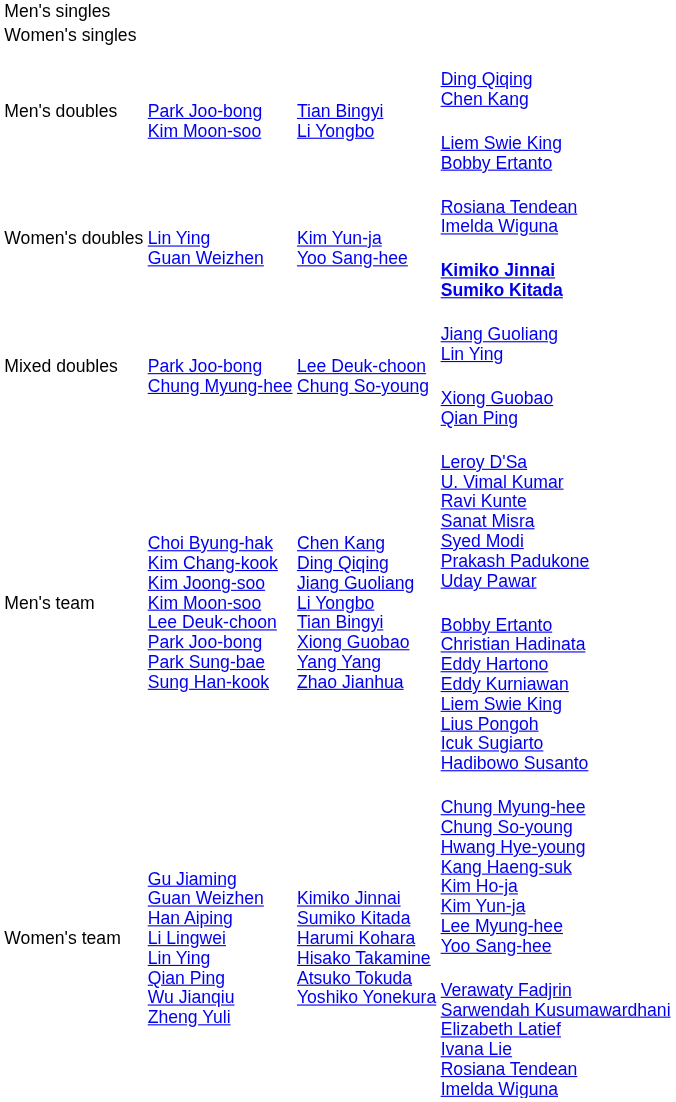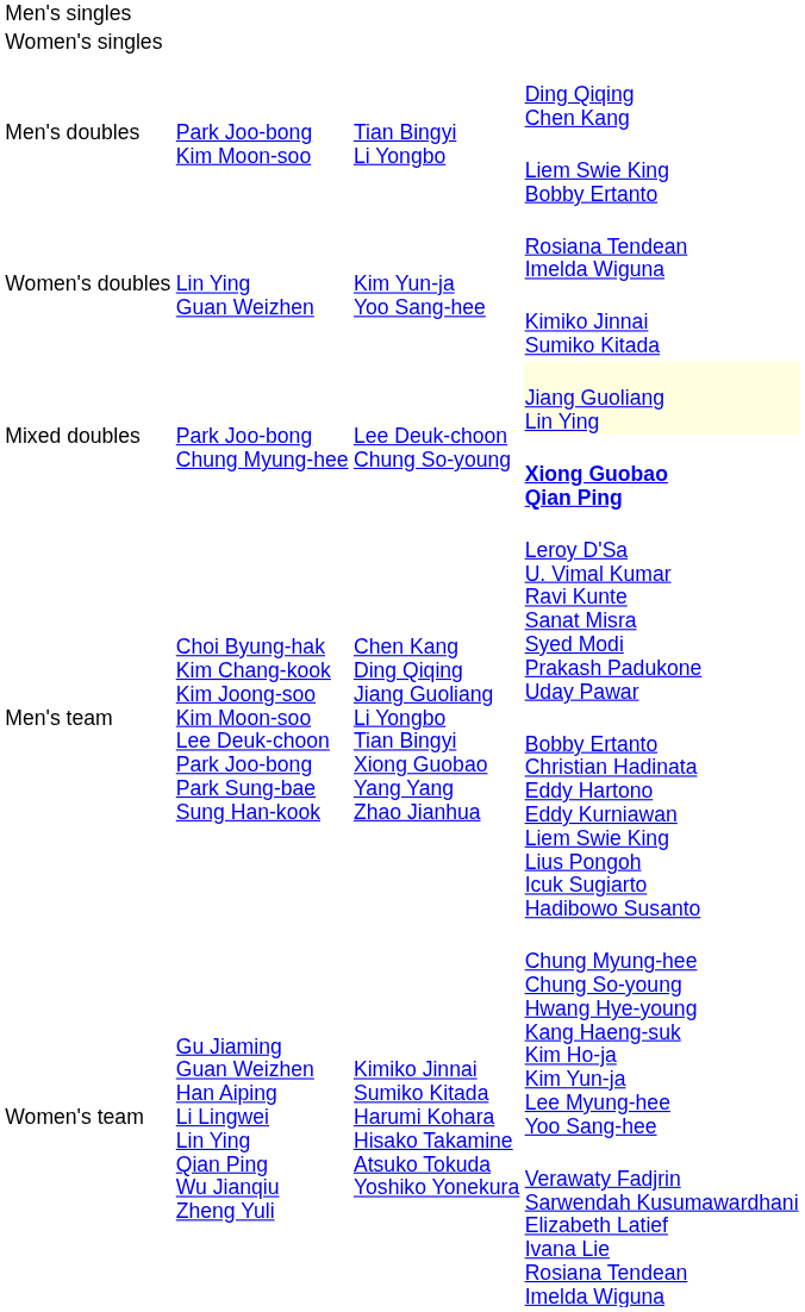 <table>
 <tr>
 <td rowspan="2">Men's singles<br></td>
 <td rowspan="2"></td>
 <td rowspan="2"></td>
 <td></td>
 </tr>
 <tr>
 <td></td>
 </tr>
 <tr>
 <td rowspan="2">Women's singles<br></td>
 <td rowspan="2"></td>
 <td rowspan="2"></td>
 <td></td>
 </tr>
 <tr>
 <td></td>
 </tr>
 <tr>
 <td rowspan="2">Men's doubles<br></td>
 <td rowspan="2"><br><a href='#'>Park Joo-bong</a><br><a href='#'>Kim Moon-soo</a></td>
 <td rowspan="2"><br><a href='#'>Tian Bingyi</a><br><a href='#'>Li Yongbo</a></td>
 <td><br><a href='#'>Ding Qiqing</a><br><a href='#'>Chen Kang</a></td>
 </tr>
 <tr>
 <td><br><a href='#'>Liem Swie King</a><br><a href='#'>Bobby Ertanto</a></td>
 </tr>
 <tr>
 <td rowspan="2">Women's doubles<br></td>
 <td rowspan="2"><br><a href='#'>Lin Ying</a><br><a href='#'>Guan Weizhen</a></td>
 <td rowspan="2"><br><a href='#'>Kim Yun-ja</a><br><a href='#'>Yoo Sang-hee</a></td>
 <td><br><a href='#'>Rosiana Tendean</a><br><a href='#'>Imelda Wiguna</a></td>
 </tr>
 <tr>
-<td><strong><br><a href='#'>Kimiko Jinnai</a><br><a href='#'>Sumiko Kitada</a></strong></td>
+<td><br><a href='#'>Kimiko Jinnai</a><br><a href='#'>Sumiko Kitada</a></td>
 </tr>
 <tr>
 <td rowspan="2">Mixed doubles<br></td>
 <td rowspan="2"><br><a href='#'>Park Joo-bong</a><br><a href='#'>Chung Myung-hee</a></td>
 <td rowspan="2"><br><a href='#'>Lee Deuk-choon</a><br><a href='#'>Chung So-young</a></td>
-<td><br><a href='#'>Jiang Guoliang</a><br><a href='#'>Lin Ying</a></td>
+<td style="background: lightyellow;"><br><a href='#'>Jiang Guoliang</a><br><a href='#'>Lin Ying</a></td>
 </tr>
 <tr>
-<td><br><a href='#'>Xiong Guobao</a><br><a href='#'>Qian Ping</a></td>
+<td><strong><br><a href='#'>Xiong Guobao</a><br><a href='#'>Qian Ping</a></strong></td>
 </tr>
 <tr>
 <td rowspan="2">Men's team<br></td>
 <td rowspan="2"><br><a href='#'>Choi Byung-hak</a><br><a href='#'>Kim Chang-kook</a><br><a href='#'>Kim Joong-soo</a><br><a href='#'>Kim Moon-soo</a><br><a href='#'>Lee Deuk-choon</a><br><a href='#'>Park Joo-bong</a><br><a href='#'>Park Sung-bae</a><br><a href='#'>Sung Han-kook</a></td>
 <td rowspan="2"><br><a href='#'>Chen Kang</a><br><a href='#'>Ding Qiqing</a><br><a href='#'>Jiang Guoliang</a><br><a href='#'>Li Yongbo</a><br><a href='#'>Tian Bingyi</a><br><a href='#'>Xiong Guobao</a><br><a href='#'>Yang Yang</a><br><a href='#'>Zhao Jianhua</a></td>
 <td><br><a href='#'>Leroy D'Sa</a><br><a href='#'>U. Vimal Kumar</a><br><a href='#'>Ravi Kunte</a><br><a href='#'>Sanat Misra</a><br><a href='#'>Syed Modi</a><br><a href='#'>Prakash Padukone</a><br><a href='#'>Uday Pawar</a></td>
 </tr>
 <tr>
 <td><br><a href='#'>Bobby Ertanto</a><br><a href='#'>Christian Hadinata</a><br><a href='#'>Eddy Hartono</a><br><a href='#'>Eddy Kurniawan</a><br><a href='#'>Liem Swie King</a><br><a href='#'>Lius Pongoh</a><br><a href='#'>Icuk Sugiarto</a><br><a href='#'>Hadibowo Susanto</a></td>
 </tr>
 <tr>
 <td rowspan="2">Women's team<br></td>
 <td rowspan="2"><br><a href='#'>Gu Jiaming</a><br><a href='#'>Guan Weizhen</a><br><a href='#'>Han Aiping</a><br><a href='#'>Li Lingwei</a><br><a href='#'>Lin Ying</a><br><a href='#'>Qian Ping</a><br><a href='#'>Wu Jianqiu</a><br><a href='#'>Zheng Yuli</a></td>
 <td rowspan="2"><br><a href='#'>Kimiko Jinnai</a><br><a href='#'>Sumiko Kitada</a><br><a href='#'>Harumi Kohara</a><br><a href='#'>Hisako Takamine</a><br><a href='#'>Atsuko Tokuda</a><br><a href='#'>Yoshiko Yonekura</a></td>
 <td><br><a href='#'>Chung Myung-hee</a><br><a href='#'>Chung So-young</a><br><a href='#'>Hwang Hye-young</a><br><a href='#'>Kang Haeng-suk</a><br><a href='#'>Kim Ho-ja</a><br><a href='#'>Kim Yun-ja</a><br><a href='#'>Lee Myung-hee</a><br><a href='#'>Yoo Sang-hee</a></td>
 </tr>
 <tr>
 <td><br><a href='#'>Verawaty Fadjrin</a><br><a href='#'>Sarwendah Kusumawardhani</a><br><a href='#'>Elizabeth Latief</a><br><a href='#'>Ivana Lie</a><br><a href='#'>Rosiana Tendean</a><br><a href='#'>Imelda Wiguna</a></td>
 </tr>
 </table>
